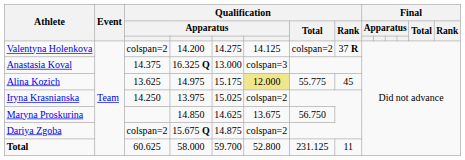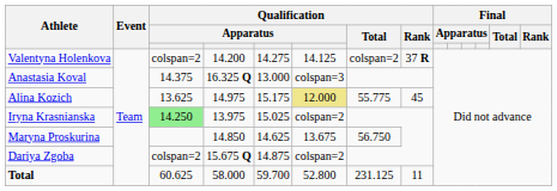 <table class="wikitable" style="font-size:90%">
 <tr>
 <th rowspan=3>Athlete</th>
 <th rowspan=3>Event</th>
 <th colspan=6>Qualification</th>
 <th colspan=6>Final</th>
 </tr>
 <tr style="font-size:95%">
 <th colspan=4>Apparatus</th>
 <th rowspan=2>Total</th>
 <th rowspan=2>Rank</th>
 <th colspan=4>Apparatus</th>
 <th rowspan=2>Total</th>
 <th rowspan=2>Rank</th>
 </tr>
 <tr style="font-size:95%">
 <th></th>
 <th></th>
 <th></th>
 <th></th>
 <th></th>
 <th></th>
 <th></th>
 <th></th>
 </tr>
 <tr align=center>
 <td align=left><a href='#'>Valentyna Holenkova</a></td>
 <td rowspan=7 align=left><a href='#'>Team</a></td>
 <td>colspan=2 </td>
 <td>14.200</td>
 <td>14.275</td>
 <td>14.125</td>
 <td>colspan=2 </td>
 <td>37 <strong>R</strong></td>
 <td rowspan=7 colspan=6>Did not advance</td>
 </tr>
 <tr align=center>
 <td align=left><a href='#'>Anastasia Koval</a></td>
 <td>14.375</td>
 <td>16.325 <strong>Q</strong></td>
 <td>13.000</td>
 <td>colspan=3 </td>
 </tr>
 <tr align=center>
 <td align=left><a href='#'>Alina Kozich</a></td>
 <td>13.625</td>
 <td>14.975</td>
 <td>15.175</td>
 <td style="background: khaki;">12.000</td>
 <td>55.775</td>
 <td>45</td>
 </tr>
 <tr align=center>
 <td align=left><a href='#'>Iryna Krasnianska</a></td>
-<td>14.250</td>
+<td style="background: lightgreen;">14.250</td>
 <td>13.975</td>
 <td>15.025</td>
 <td>colspan=2 </td>
 </tr>
 <tr align=center>
 <td align=left><a href='#'>Maryna Proskurina</a></td>
 <td></td>
 <td>14.850</td>
 <td>14.625</td>
 <td>13.675</td>
 <td>56.750</td>
 </tr>
 <tr align=center>
 <td align=left><a href='#'>Dariya Zgoba</a></td>
 <td>colspan=2 </td>
 <td>15.675 <strong>Q</strong></td>
 <td>14.875</td>
 <td>colspan=2 </td>
 </tr>
 <tr align=center>
 <td align=left><strong>Total</strong></td>
 <td>60.625</td>
 <td>58.000</td>
 <td>59.700</td>
 <td>52.800</td>
 <td>231.125</td>
 <td>11</td>
 </tr>
 </table>
